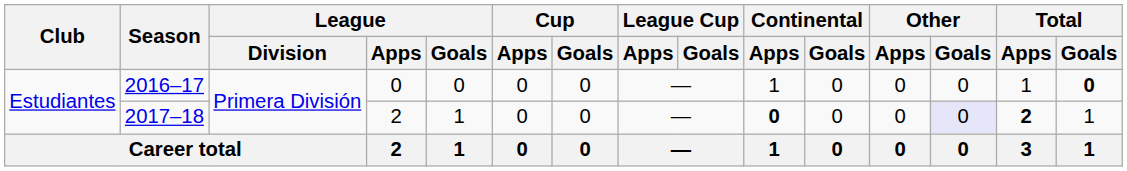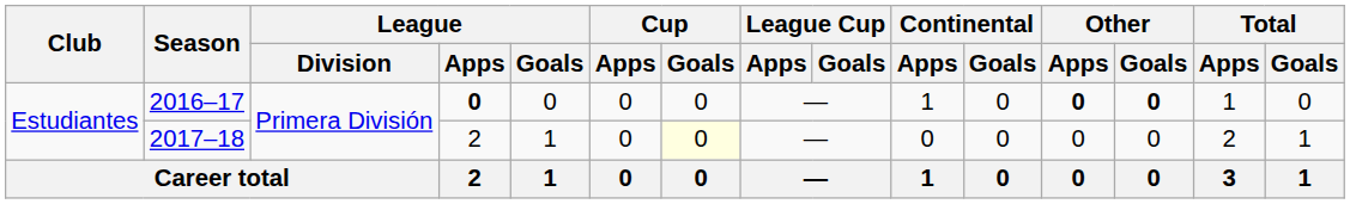 <table class="wikitable" style="text-align:center">
 <tr>
 <th rowspan="2">Club</th>
 <th rowspan="2">Season</th>
 <th colspan="3">League</th>
 <th colspan="2">Cup</th>
 <th colspan="2">League Cup</th>
 <th colspan="2">Continental</th>
 <th colspan="2">Other</th>
 <th colspan="2">Total</th>
 </tr>
 <tr>
 <th>Division</th>
 <th>Apps</th>
 <th>Goals</th>
 <th>Apps</th>
 <th>Goals</th>
 <th>Apps</th>
 <th>Goals</th>
 <th>Apps</th>
 <th>Goals</th>
 <th>Apps</th>
 <th>Goals</th>
 <th>Apps</th>
 <th>Goals</th>
 </tr>
 <tr>
 <td rowspan="2"><a href='#'>Estudiantes</a></td>
 <td><a href='#'>2016–17</a></td>
 <td rowspan="2"><a href='#'>Primera División</a></td>
-<td>0</td>
+<td><strong>0</strong></td>
 <td>0</td>
 <td>0</td>
 <td>0</td>
 <td colspan="2">—</td>
 <td>1</td>
 <td>0</td>
+<td><strong>0</strong></td>
+<td><strong>0</strong></td>
+<td>1</td>
 <td>0</td>
-<td>0</td>
-<td>1</td>
-<td><strong>0</strong></td>
 </tr>
 <tr>
 <td><a href='#'>2017–18</a></td>
 <td>2</td>
 <td>1</td>
 <td>0</td>
-<td>0</td>
+<td style="background: lightyellow;">0</td>
 <td colspan="2">—</td>
-<td><strong>0</strong></td>
 <td>0</td>
 <td>0</td>
-<td style="background: lavender;">0</td>
-<td><strong>2</strong></td>
+<td>0</td>
+<td>0</td>
+<td>2</td>
 <td>1</td>
 </tr>
 <tr>
 <th colspan="3">Career total</th>
 <th>2</th>
 <th>1</th>
 <th>0</th>
 <th>0</th>
 <th colspan="2">—</th>
 <th>1</th>
 <th>0</th>
 <th>0</th>
 <th>0</th>
 <th>3</th>
 <th>1</th>
 </tr>
 </table>
